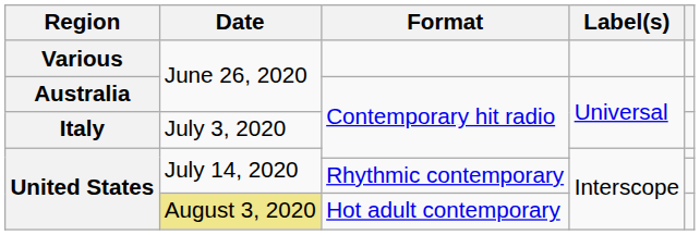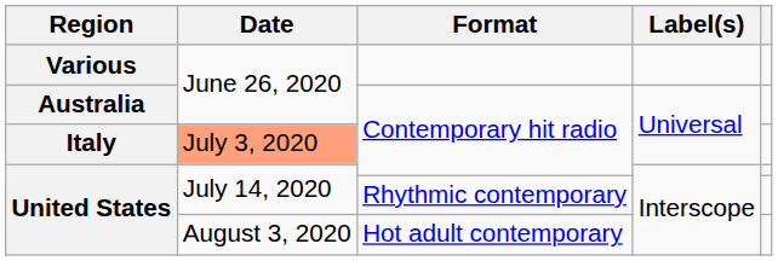 <table class="wikitable plainrowheaders">
 <tr>
 <th scope="col">Region</th>
 <th scope="col">Date</th>
 <th scope="col">Format</th>
 <th scope="col">Label(s)</th>
 <th scope="col"></th>
 </tr>
 <tr>
 <th scope="row">Various</th>
 <td rowspan="2">June 26, 2020</td>
 <td></td>
 <td></td>
 <td style="text-align:center;"></td>
 </tr>
 <tr>
 <th scope="row">Australia</th>
 <td rowspan="3"><a href='#'>Contemporary hit radio</a></td>
 <td rowspan="2"><a href='#'>Universal</a></td>
 <td style="text-align:center;"></td>
 </tr>
 <tr>
 <th scope="row">Italy</th>
-<td>July 3, 2020</td>
+<td style="background: lightsalmon;">July 3, 2020</td>
 <td style="text-align:center;"></td>
 </tr>
 <tr>
 <th scope="row" rowspan="3">United States</th>
 <td rowspan="2">July 14, 2020</td>
 <td rowspan="3">Interscope</td>
 <td style="text-align:center;"></td>
 </tr>
 <tr>
 <td><a href='#'>Rhythmic contemporary</a></td>
 <td></td>
 </tr>
 <tr>
-<td style="background: khaki;">August 3, 2020</td>
+<td>August 3, 2020</td>
 <td><a href='#'>Hot adult contemporary</a></td>
 <td></td>
 </tr>
 </table>
